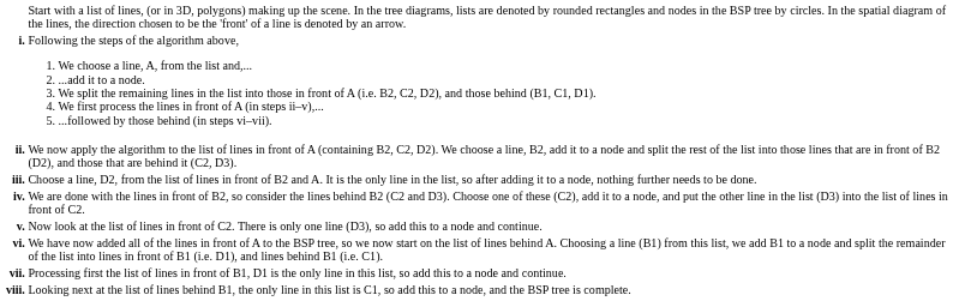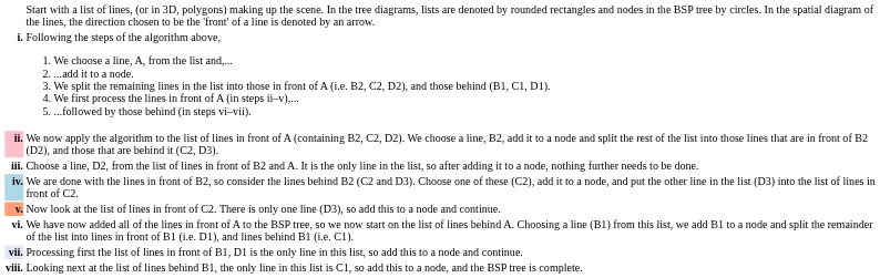 <table>
 <tr valign="top">
 <td></td>
 <td>Start with a list of lines, (or in 3D, polygons) making up the scene. In the tree diagrams, lists are denoted by rounded rectangles and nodes in the BSP tree by circles. In the spatial diagram of the lines, the direction chosen to be the 'front' of a line is denoted by an arrow.</td>
 <td style="text-align:right;"></td>
 </tr>
 <tr valign="top">
 <td style="text-align:right;"><strong>i.</strong></td>
 <td>Following the steps of the algorithm above,<br><ol><li>We choose a line, A, from the list and,...</li><li>...add it to a node.</li><li>We split the remaining lines in the list into those in front of A (i.e. B2, C2, D2), and those behind (B1, C1, D1).</li><li>We first process the lines in front of A (in steps ii–v),...</li><li>...followed by those behind (in steps vi–vii).</li></ol></td>
 <td style="text-align:right;"></td>
 </tr>
 <tr valign="top">
-<td style="text-align:right;"><strong>ii.</strong></td>
+<td style="background: pink; text-align:right;"><strong>ii.</strong></td>
 <td>We now apply the algorithm to the list of lines in front of A (containing B2, C2, D2). We choose a line, B2, add it to a node and split the rest of the list into those lines that are in front of B2 (D2), and those that are behind it (C2, D3).</td>
 <td style="text-align:right;"></td>
 </tr>
 <tr valign="top">
 <td style="text-align:right;"><strong>iii.</strong></td>
 <td>Choose a line, D2, from the list of lines in front of B2 and A. It is the only line in the list, so after adding it to a node, nothing further needs to be done.</td>
 <td style="text-align:right;"></td>
 </tr>
 <tr valign="top">
-<td style="text-align:right;"><strong>iv.</strong></td>
+<td style="background: lightblue; text-align:right;"><strong>iv.</strong></td>
 <td>We are done with the lines in front of B2, so consider the lines behind B2 (C2 and D3). Choose one of these (C2), add it to a node, and put the other line in the list (D3) into the list of lines in front of C2.</td>
 <td style="text-align:right;"></td>
 </tr>
 <tr valign="top">
-<td style="text-align:right;"><strong>v.</strong></td>
+<td style="background: lightsalmon; text-align:right;"><strong>v.</strong></td>
 <td>Now look at the list of lines in front of C2. There is only one line (D3), so add this to a node and continue.</td>
 <td style="text-align:right;"></td>
 </tr>
 <tr valign="top">
 <td style="text-align:right;"><strong>vi.</strong></td>
 <td>We have now added all of the lines in front of A to the BSP tree, so we now start on the list of lines behind A. Choosing a line (B1) from this list, we add B1 to a node and split the remainder of the list into lines in front of B1 (i.e. D1), and lines behind B1 (i.e. C1).</td>
 <td></td>
 </tr>
 <tr valign="top">
-<td style="text-align:right;"><strong>vii.</strong></td>
+<td style="background: lavender; text-align:right;"><strong>vii.</strong></td>
 <td>Processing first the list of lines in front of B1, D1 is the only line in this list, so add this to a node and continue.</td>
 <td style="text-align:right;"></td>
 </tr>
 <tr valign="top">
 <td style="text-align:right;"><strong>viii.</strong></td>
 <td>Looking next at the list of lines behind B1, the only line in this list is C1, so add this to a node, and the BSP tree is complete.</td>
 <td style="text-align:right;"></td>
 </tr>
 </table>
